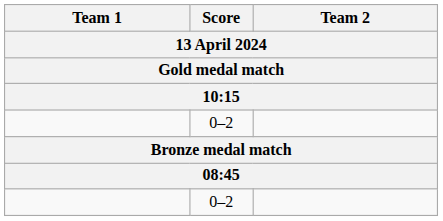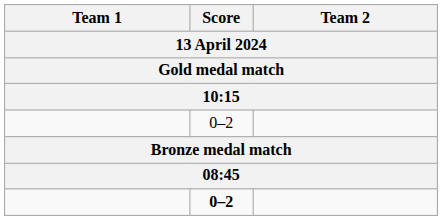 <table class="wikitable" style="text-align: center; font-size:90% ">
 <tr>
 <th align="right" width="160">Team 1</th>
 <th width="50">Score</th>
 <th align="left" width="160">Team 2</th>
 </tr>
 <tr>
 <th colspan=3>13 April 2024</th>
 </tr>
 <tr>
 <th colspan=3>Gold medal match</th>
 </tr>
 <tr>
 <th colspan=3>10:15</th>
 </tr>
 <tr>
 <td align=right></td>
 <td align=center>0–2</td>
 <td align=left></td>
 </tr>
 <tr>
 <th colspan=3>Bronze medal match</th>
 </tr>
 <tr>
 <th colspan=3>08:45</th>
 </tr>
 <tr>
 <td align=right></td>
-<td align=center>0–2</td>
+<td align=center><strong>0–2</strong></td>
 <td align=left></td>
 </tr>
 </table>
